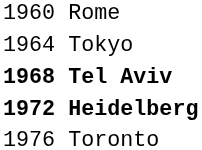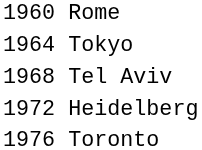 <table>
 <tr>
 <td>1960 Rome <br></td>
 <td></td>
 <td></td>
 <td></td>
 </tr>
 <tr>
 <td>1964 Tokyo <br></td>
 <td></td>
 <td></td>
 <td></td>
 </tr>
 <tr>
-<td><strong>1968 Tel Aviv <br></strong></td>
+<td>1968 Tel Aviv <br></td>
 <td></td>
 <td></td>
 <td></td>
 </tr>
 <tr>
-<td><strong>1972 Heidelberg <br></strong></td>
+<td>1972 Heidelberg <br></td>
 <td></td>
 <td></td>
 <td></td>
 </tr>
 <tr>
 <td>1976 Toronto <br></td>
 <td></td>
 <td></td>
 <td></td>
 </tr>
 </table>
